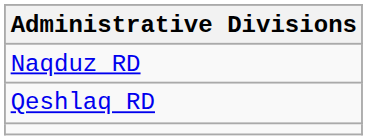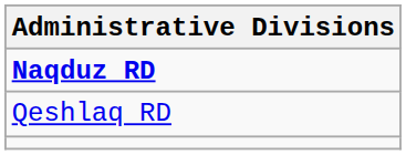 <table class="wikitable">
 <tr>
 <th>Administrative Divisions</th>
 </tr>
 <tr>
-<td><a href='#'>Naqduz RD</a></td>
+<td><strong><a href='#'>Naqduz RD</a></strong></td>
 </tr>
 <tr>
 <td><a href='#'>Qeshlaq RD</a></td>
 </tr>
 <tr>
 <td colspan=1></td>
 </tr>
 </table>
